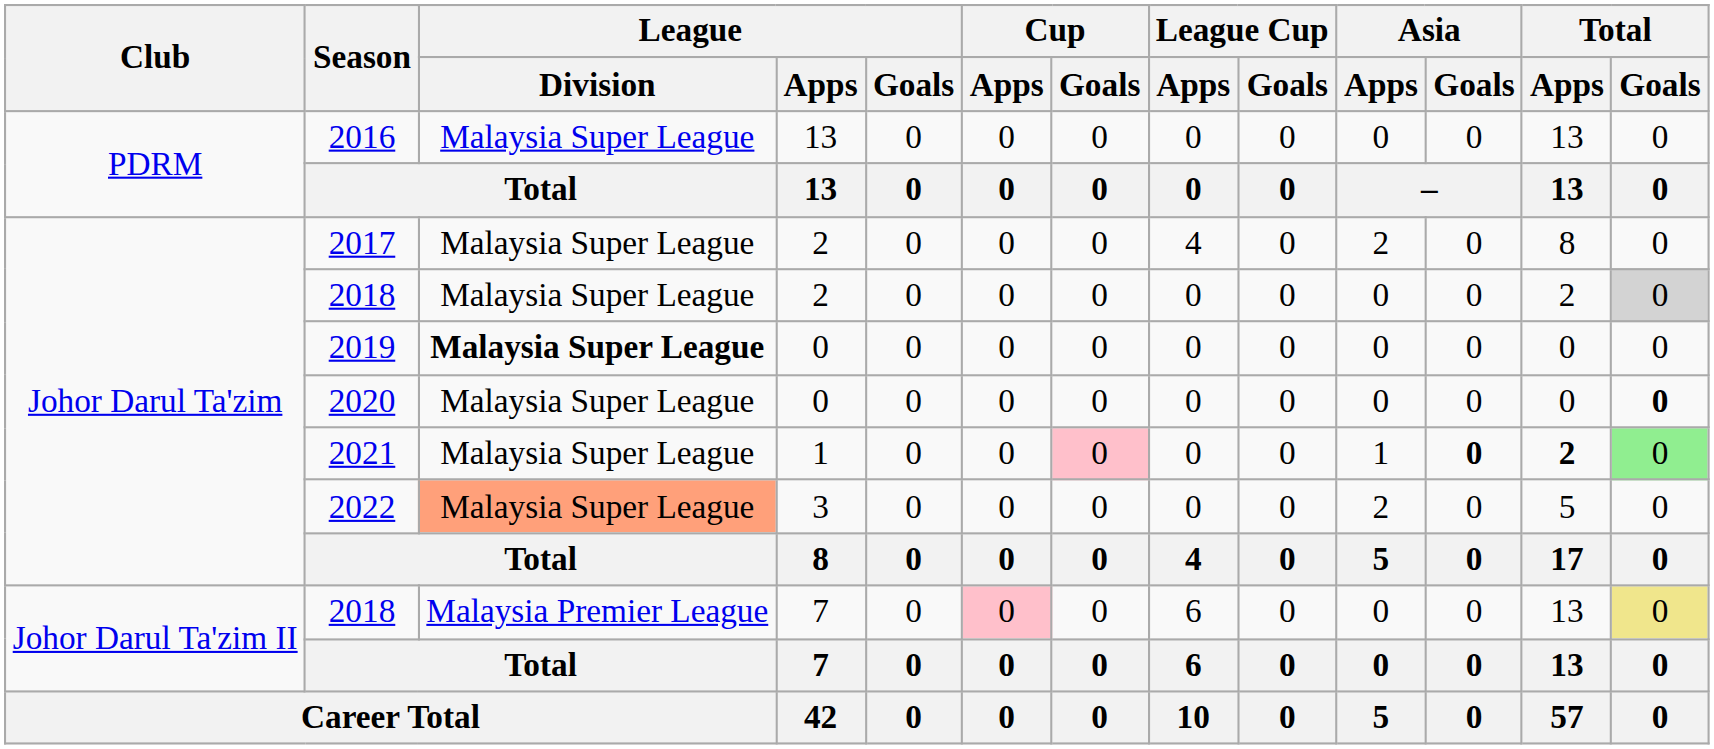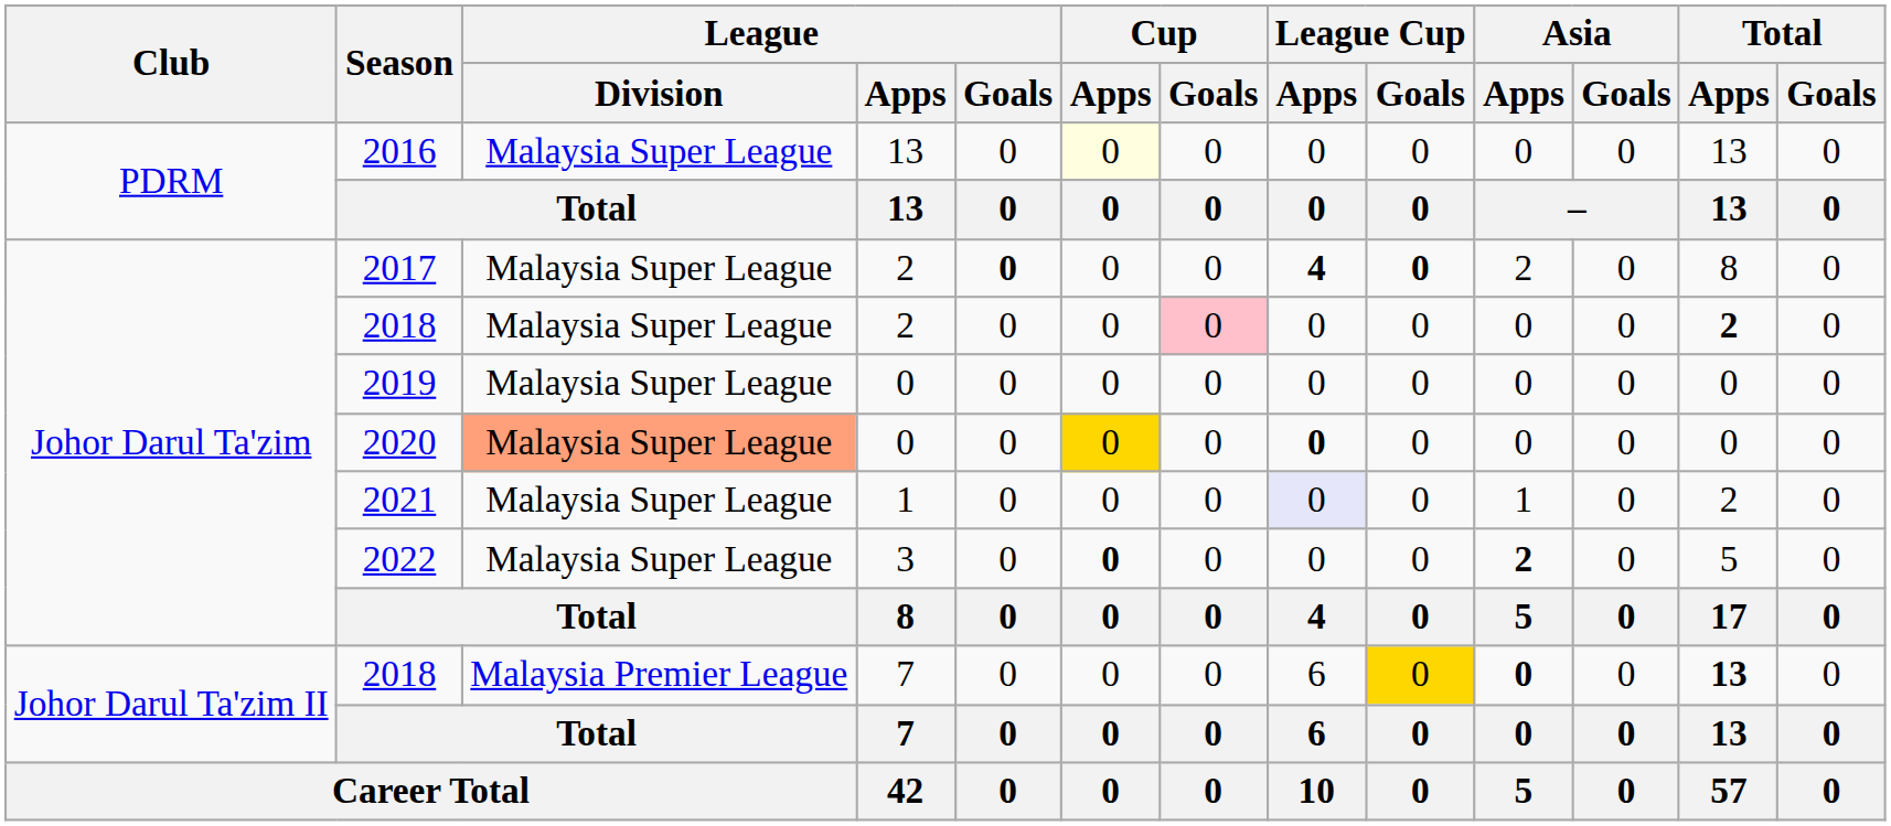 <table class=wikitable style="text-align:center">
 <tr>
 <th rowspan=2>Club</th>
 <th rowspan=2>Season</th>
 <th colspan=3>League</th>
 <th colspan=2>Cup</th>
 <th colspan=2>League Cup</th>
 <th colspan=2>Asia</th>
 <th colspan=2>Total</th>
 </tr>
 <tr>
 <th>Division</th>
 <th>Apps</th>
 <th>Goals</th>
 <th>Apps</th>
 <th>Goals</th>
 <th>Apps</th>
 <th>Goals</th>
 <th>Apps</th>
 <th>Goals</th>
 <th>Apps</th>
 <th>Goals</th>
 </tr>
 <tr>
 <td rowspan=2><a href='#'>PDRM</a></td>
 <td><a href='#'>2016</a></td>
 <td><a href='#'>Malaysia Super League</a></td>
 <td>13</td>
 <td>0</td>
-<td>0</td>
+<td style="background: lightyellow;">0</td>
 <td>0</td>
 <td>0</td>
 <td>0</td>
 <td>0</td>
 <td>0</td>
 <td>13</td>
 <td>0</td>
 </tr>
 <tr>
 <th colspan="2">Total</th>
 <th>13</th>
 <th>0</th>
 <th>0</th>
 <th>0</th>
 <th>0</th>
 <th>0</th>
 <th colspan=2>–</th>
 <th>13</th>
 <th>0</th>
 </tr>
 <tr>
 <td rowspan=7><a href='#'>Johor Darul Ta'zim</a></td>
 <td><a href='#'>2017</a></td>
 <td>Malaysia Super League</td>
 <td>2</td>
+<td><strong>0</strong></td>
 <td>0</td>
 <td>0</td>
-<td>0</td>
-<td>4</td>
-<td>0</td>
+<td><strong>4</strong></td>
+<td><strong>0</strong></td>
 <td>2</td>
 <td>0</td>
 <td>8</td>
 <td>0</td>
 </tr>
 <tr>
 <td><a href='#'>2018</a></td>
 <td>Malaysia Super League</td>
 <td>2</td>
 <td>0</td>
 <td>0</td>
+<td style="background: pink;">0</td>
 <td>0</td>
 <td>0</td>
 <td>0</td>
 <td>0</td>
+<td><strong>2</strong></td>
 <td>0</td>
-<td>2</td>
-<td style="background: lightgrey;">0</td>
 </tr>
 <tr>
 <td><a href='#'>2019</a></td>
-<td><strong>Malaysia Super League</strong></td>
+<td>Malaysia Super League</td>
 <td>0</td>
 <td>0</td>
 <td>0</td>
 <td>0</td>
 <td>0</td>
 <td>0</td>
 <td>0</td>
 <td>0</td>
 <td>0</td>
 <td>0</td>
 </tr>
 <tr>
 <td><a href='#'>2020</a></td>
-<td>Malaysia Super League</td>
+<td style="background: lightsalmon;">Malaysia Super League</td>
+<td>0</td>
+<td>0</td>
+<td style="background: gold;">0</td>
+<td>0</td>
+<td><strong>0</strong></td>
 <td>0</td>
 <td>0</td>
 <td>0</td>
 <td>0</td>
 <td>0</td>
-<td>0</td>
-<td>0</td>
-<td>0</td>
-<td>0</td>
-<td><strong>0</strong></td>
 </tr>
 <tr>
 <td><a href='#'>2021</a></td>
 <td>Malaysia Super League</td>
 <td>1</td>
 <td>0</td>
 <td>0</td>
-<td style="background: pink;">0</td>
 <td>0</td>
+<td style="background: lavender;">0</td>
 <td>0</td>
 <td>1</td>
-<td><strong>0</strong></td>
-<td><strong>2</strong></td>
-<td style="background: lightgreen;">0</td>
+<td>0</td>
+<td>2</td>
+<td>0</td>
 </tr>
 <tr>
 <td><a href='#'>2022</a></td>
-<td style="background: lightsalmon;">Malaysia Super League</td>
+<td>Malaysia Super League</td>
 <td>3</td>
+<td>0</td>
+<td><strong>0</strong></td>
 <td>0</td>
 <td>0</td>
 <td>0</td>
-<td>0</td>
-<td>0</td>
-<td>2</td>
+<td><strong>2</strong></td>
 <td>0</td>
 <td>5</td>
 <td>0</td>
 </tr>
 <tr>
 <th colspan="2">Total</th>
 <th>8</th>
 <th>0</th>
 <th>0</th>
 <th>0</th>
 <th>4</th>
 <th>0</th>
 <th>5</th>
 <th>0</th>
 <th>17</th>
 <th>0</th>
 </tr>
 <tr>
 <td rowspan=2><a href='#'>Johor Darul Ta'zim II</a></td>
 <td><a href='#'>2018</a></td>
 <td><a href='#'>Malaysia Premier League</a></td>
 <td>7</td>
 <td>0</td>
-<td style="background: pink;">0</td>
+<td>0</td>
 <td>0</td>
 <td>6</td>
+<td style="background: gold;">0</td>
+<td><strong>0</strong></td>
 <td>0</td>
+<td><strong>13</strong></td>
 <td>0</td>
-<td>0</td>
-<td>13</td>
-<td style="background: khaki;">0</td>
 </tr>
 <tr>
 <th colspan="2">Total</th>
 <th>7</th>
 <th>0</th>
 <th>0</th>
 <th>0</th>
 <th>6</th>
 <th>0</th>
 <th>0</th>
 <th>0</th>
 <th>13</th>
 <th>0</th>
 </tr>
 <tr>
 <th colspan="3">Career Total</th>
 <th>42</th>
 <th>0</th>
 <th>0</th>
 <th>0</th>
 <th>10</th>
 <th>0</th>
 <th>5</th>
 <th>0</th>
 <th>57</th>
 <th>0</th>
 </tr>
 </table>
